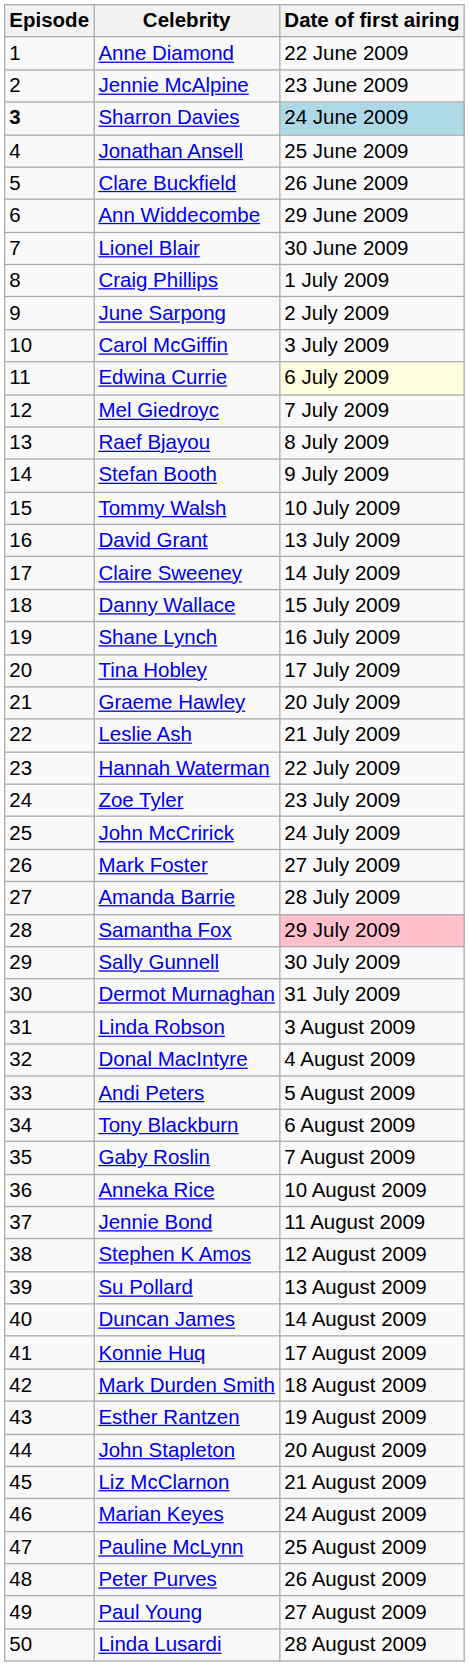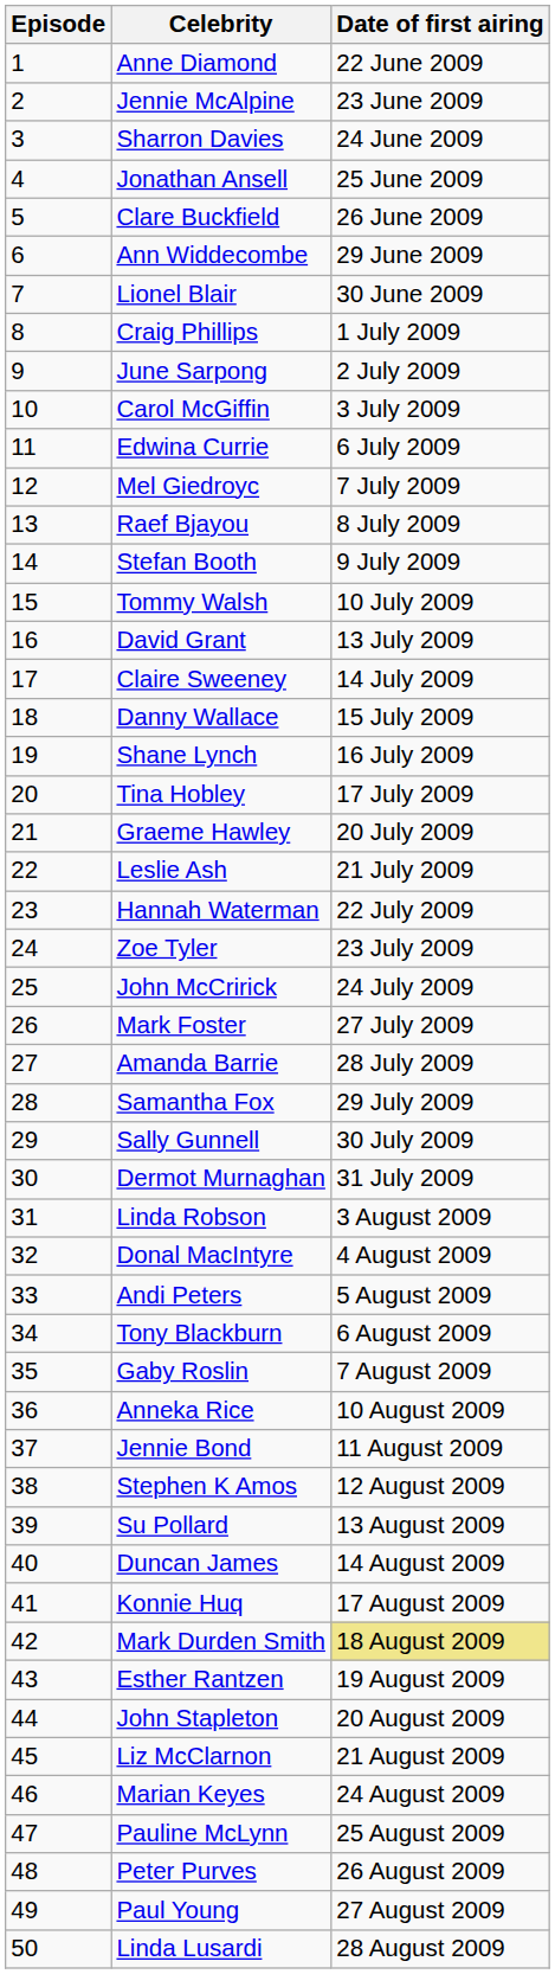 <table class="wikitable">
 <tr>
 <th>Episode</th>
 <th>Celebrity</th>
 <th>Date of first airing</th>
 </tr>
 <tr>
 <td>1</td>
 <td><a href='#'>Anne Diamond</a></td>
 <td>22 June 2009</td>
 </tr>
 <tr>
 <td>2</td>
 <td><a href='#'>Jennie McAlpine</a></td>
 <td>23 June 2009</td>
 </tr>
 <tr>
-<td><strong>3</strong></td>
+<td>3</td>
 <td><a href='#'>Sharron Davies</a></td>
-<td style="background: lightblue;">24 June 2009</td>
+<td>24 June 2009</td>
 </tr>
 <tr>
 <td>4</td>
 <td><a href='#'>Jonathan Ansell</a></td>
 <td>25 June 2009</td>
 </tr>
 <tr>
 <td>5</td>
 <td><a href='#'>Clare Buckfield</a></td>
 <td>26 June 2009</td>
 </tr>
 <tr>
 <td>6</td>
 <td><a href='#'>Ann Widdecombe</a></td>
 <td>29 June 2009</td>
 </tr>
 <tr>
 <td>7</td>
 <td><a href='#'>Lionel Blair</a></td>
 <td>30 June 2009</td>
 </tr>
 <tr>
 <td>8</td>
 <td><a href='#'>Craig Phillips</a></td>
 <td>1 July 2009</td>
 </tr>
 <tr>
 <td>9</td>
 <td><a href='#'>June Sarpong</a></td>
 <td>2 July 2009</td>
 </tr>
 <tr>
 <td>10</td>
 <td><a href='#'>Carol McGiffin</a></td>
 <td>3 July 2009</td>
 </tr>
 <tr>
 <td>11</td>
 <td><a href='#'>Edwina Currie</a></td>
-<td style="background: lightyellow;">6 July 2009</td>
+<td>6 July 2009</td>
 </tr>
 <tr>
 <td>12</td>
 <td><a href='#'>Mel Giedroyc</a></td>
 <td>7 July 2009</td>
 </tr>
 <tr>
 <td>13</td>
 <td><a href='#'>Raef Bjayou</a></td>
 <td>8 July 2009</td>
 </tr>
 <tr>
 <td>14</td>
 <td><a href='#'>Stefan Booth</a></td>
 <td>9 July 2009</td>
 </tr>
 <tr>
 <td>15</td>
 <td><a href='#'>Tommy Walsh</a></td>
 <td>10 July 2009</td>
 </tr>
 <tr>
 <td>16</td>
 <td><a href='#'>David Grant</a></td>
 <td>13 July 2009</td>
 </tr>
 <tr>
 <td>17</td>
 <td><a href='#'>Claire Sweeney</a></td>
 <td>14 July 2009</td>
 </tr>
 <tr>
 <td>18</td>
 <td><a href='#'>Danny Wallace</a></td>
 <td>15 July 2009</td>
 </tr>
 <tr>
 <td>19</td>
 <td><a href='#'>Shane Lynch</a></td>
 <td>16 July 2009</td>
 </tr>
 <tr>
 <td>20</td>
 <td><a href='#'>Tina Hobley</a></td>
 <td>17 July 2009</td>
 </tr>
 <tr>
 <td>21</td>
 <td><a href='#'>Graeme Hawley</a></td>
 <td>20 July 2009</td>
 </tr>
 <tr>
 <td>22</td>
 <td><a href='#'>Leslie Ash</a></td>
 <td>21 July 2009</td>
 </tr>
 <tr>
 <td>23</td>
 <td><a href='#'>Hannah Waterman</a></td>
 <td>22 July 2009</td>
 </tr>
 <tr>
 <td>24</td>
 <td><a href='#'>Zoe Tyler</a></td>
 <td>23 July 2009</td>
 </tr>
 <tr>
 <td>25</td>
 <td><a href='#'>John McCririck</a></td>
 <td>24 July 2009</td>
 </tr>
 <tr>
 <td>26</td>
 <td><a href='#'>Mark Foster</a></td>
 <td>27 July 2009</td>
 </tr>
 <tr>
 <td>27</td>
 <td><a href='#'>Amanda Barrie</a></td>
 <td>28 July 2009</td>
 </tr>
 <tr>
 <td>28</td>
 <td><a href='#'>Samantha Fox</a></td>
-<td style="background: pink;">29 July 2009</td>
+<td>29 July 2009</td>
 </tr>
 <tr>
 <td>29</td>
 <td><a href='#'>Sally Gunnell</a></td>
 <td>30 July 2009</td>
 </tr>
 <tr>
 <td>30</td>
 <td><a href='#'>Dermot Murnaghan</a></td>
 <td>31 July 2009</td>
 </tr>
 <tr>
 <td>31</td>
 <td><a href='#'>Linda Robson</a></td>
 <td>3 August 2009</td>
 </tr>
 <tr>
 <td>32</td>
 <td><a href='#'>Donal MacIntyre</a></td>
 <td>4 August 2009</td>
 </tr>
 <tr>
 <td>33</td>
 <td><a href='#'>Andi Peters</a></td>
 <td>5 August 2009</td>
 </tr>
 <tr>
 <td>34</td>
 <td><a href='#'>Tony Blackburn</a></td>
 <td>6 August 2009</td>
 </tr>
 <tr>
 <td>35</td>
 <td><a href='#'>Gaby Roslin</a></td>
 <td>7 August 2009</td>
 </tr>
 <tr>
 <td>36</td>
 <td><a href='#'>Anneka Rice</a></td>
 <td>10 August 2009</td>
 </tr>
 <tr>
 <td>37</td>
 <td><a href='#'>Jennie Bond</a></td>
 <td>11 August 2009</td>
 </tr>
 <tr>
 <td>38</td>
 <td><a href='#'>Stephen K Amos</a></td>
 <td>12 August 2009</td>
 </tr>
 <tr>
 <td>39</td>
 <td><a href='#'>Su Pollard</a></td>
 <td>13 August 2009</td>
 </tr>
 <tr>
 <td>40</td>
 <td><a href='#'>Duncan James</a></td>
 <td>14 August 2009</td>
 </tr>
 <tr>
 <td>41</td>
 <td><a href='#'>Konnie Huq</a></td>
 <td>17 August 2009</td>
 </tr>
 <tr>
 <td>42</td>
 <td><a href='#'>Mark Durden Smith</a></td>
-<td>18 August 2009</td>
+<td style="background: khaki;">18 August 2009</td>
 </tr>
 <tr>
 <td>43</td>
 <td><a href='#'>Esther Rantzen</a></td>
 <td>19 August 2009</td>
 </tr>
 <tr>
 <td>44</td>
 <td><a href='#'>John Stapleton</a></td>
 <td>20 August 2009</td>
 </tr>
 <tr>
 <td>45</td>
 <td><a href='#'>Liz McClarnon</a></td>
 <td>21 August 2009</td>
 </tr>
 <tr>
 <td>46</td>
 <td><a href='#'>Marian Keyes</a></td>
 <td>24 August 2009</td>
 </tr>
 <tr>
 <td>47</td>
 <td><a href='#'>Pauline McLynn</a></td>
 <td>25 August 2009</td>
 </tr>
 <tr>
 <td>48</td>
 <td><a href='#'>Peter Purves</a></td>
 <td>26 August 2009</td>
 </tr>
 <tr>
 <td>49</td>
 <td><a href='#'>Paul Young</a></td>
 <td>27 August 2009</td>
 </tr>
 <tr>
 <td>50</td>
 <td><a href='#'>Linda Lusardi</a></td>
 <td>28 August 2009</td>
 </tr>
 </table>
